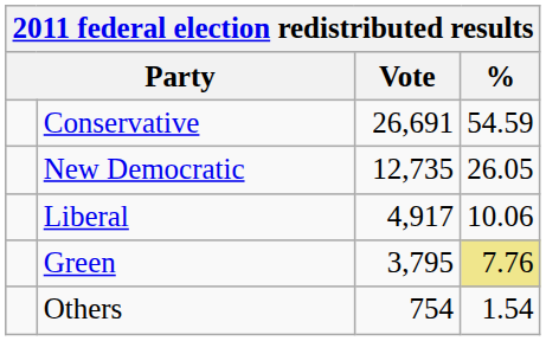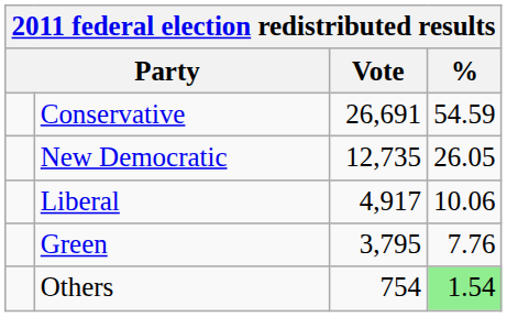 <table class="wikitable">
 <tr>
 <th colspan="4"><a href='#'>2011 federal election</a> redistributed results</th>
 </tr>
 <tr>
 <th bgcolor="#DDDDFF" width="130px" colspan="2">Party</th>
 <th bgcolor="#DDDDFF" width="50px">Vote</th>
 <th bgcolor="#DDDDFF" width="30px">%</th>
 </tr>
 <tr>
 <td> </td>
 <td><a href='#'>Conservative</a></td>
 <td align="right">26,691</td>
 <td align="right">54.59</td>
 </tr>
 <tr>
 <td> </td>
 <td><a href='#'>New Democratic</a></td>
 <td align="right">12,735</td>
 <td align="right">26.05</td>
 </tr>
 <tr>
 <td> </td>
 <td><a href='#'>Liberal</a></td>
 <td align="right">4,917</td>
 <td align="right">10.06</td>
 </tr>
 <tr>
 <td> </td>
 <td><a href='#'>Green</a></td>
 <td align="right">3,795</td>
-<td align="right" style="background: khaki;">7.76</td>
+<td align="right">7.76</td>
 </tr>
 <tr>
 <td> </td>
 <td>Others</td>
 <td align="right">754</td>
-<td align="right">1.54</td>
+<td align="right" style="background: lightgreen;">1.54</td>
 </tr>
 </table>
